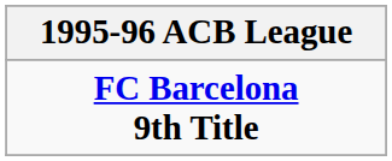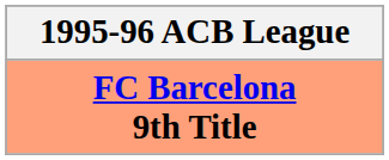 <table class="wikitable" style="margin: 0 auto; width: 20%;">
 <tr>
 <th>1995-96 ACB League</th>
 </tr>
 <tr>
-<td align=center><strong><a href='#'>FC Barcelona</a></strong><br><strong>9th Title</strong></td>
+<td align=center style="background: lightsalmon;"><strong><a href='#'>FC Barcelona</a></strong><br><strong>9th Title</strong></td>
 </tr>
 </table>
